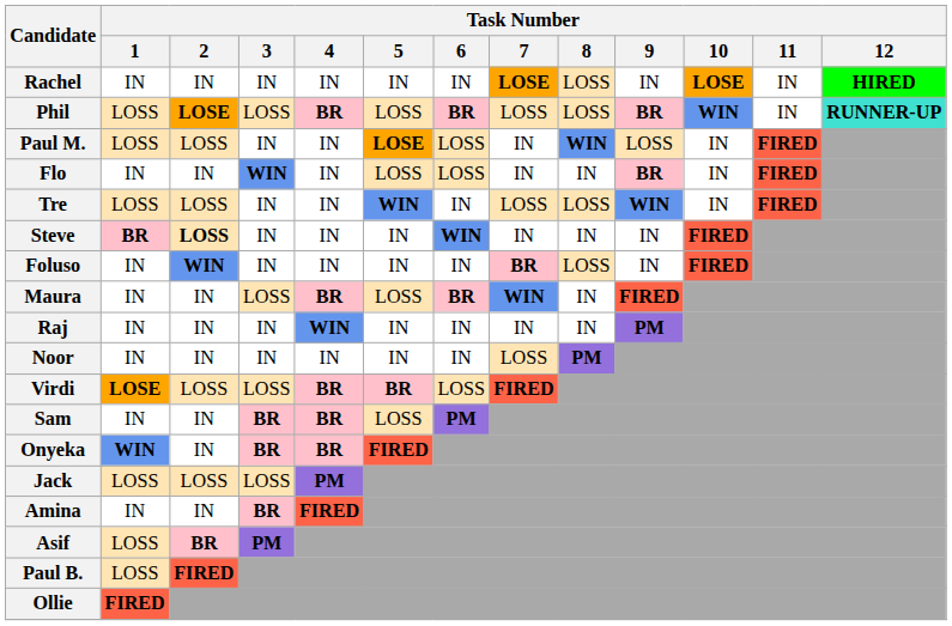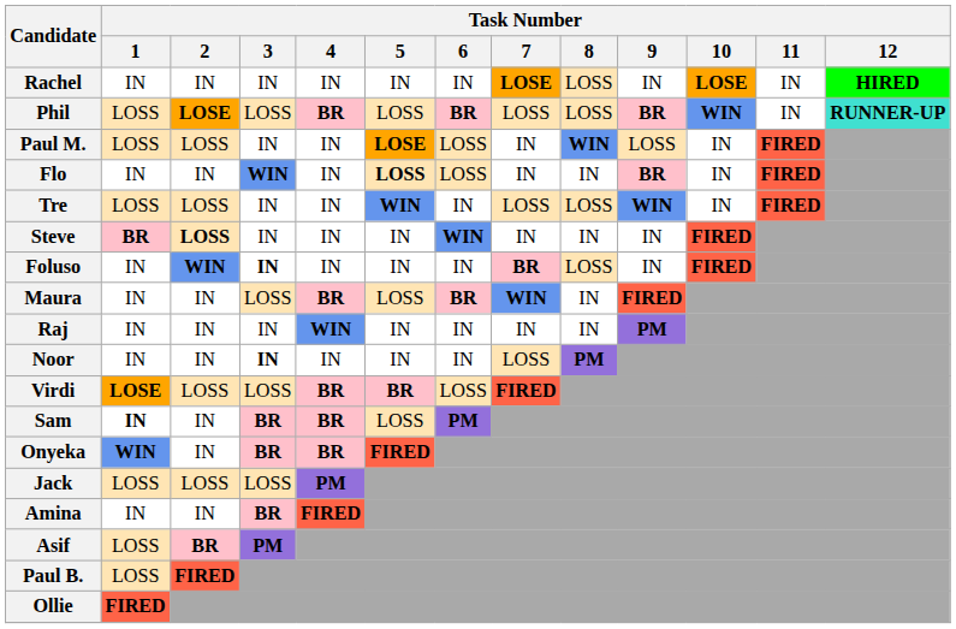 <table class="wikitable" style="text-align:center">
 <tr>
 <th rowspan="2">Candidate</th>
 <th colspan="13">Task Number</th>
 </tr>
 <tr>
 <th>1</th>
 <th>2</th>
 <th>3</th>
 <th>4</th>
 <th>5</th>
 <th>6</th>
 <th>7</th>
 <th>8</th>
 <th>9</th>
 <th>10</th>
 <th>11</th>
 <th>12</th>
 </tr>
 <tr>
 <th>Rachel</th>
 <td style="background:white;">IN</td>
 <td style="background:white;">IN</td>
 <td style="background:white;">IN</td>
 <td style="background:white;">IN</td>
 <td style="background:white;">IN</td>
 <td style="background:white;">IN</td>
 <td style="background:orange;"><strong>LOSE</strong></td>
 <td style="background:#FFE5B4;">LOSS</td>
 <td style="background:white;">IN</td>
 <td style="background:orange;"><strong>LOSE</strong></td>
 <td style="background:white;">IN</td>
 <td style="background:lime;"><strong>HIRED</strong></td>
 </tr>
 <tr>
 <th>Phil</th>
 <td style="background:#FFE5B4;">LOSS</td>
 <td style="background:orange;"><strong>LOSE</strong></td>
 <td style="background:#FFE5B4;">LOSS</td>
 <td style="background:pink;"><strong>BR</strong></td>
 <td style="background:#FFE5B4;">LOSS</td>
 <td style="background:pink;"><strong>BR</strong></td>
 <td style="background:#FFE5B4;">LOSS</td>
 <td style="background:#FFE5B4;">LOSS</td>
 <td style="background:pink;"><strong>BR</strong></td>
 <td style="background:cornflowerblue;"><strong>WIN</strong></td>
 <td style="background:white;">IN</td>
 <td style="background:turquoise;"><strong>RUNNER-UP</strong></td>
 </tr>
 <tr>
 <th>Paul M.</th>
 <td style="background:#FFE5B4;">LOSS</td>
 <td style="background:#FFE5B4;">LOSS</td>
 <td style="background:white;">IN</td>
 <td style="background:white;">IN</td>
 <td style="background:orange;"><strong>LOSE</strong></td>
 <td style="background:#FFE5B4;">LOSS</td>
 <td style="background:white;">IN</td>
 <td style="background:cornflowerblue;"><strong>WIN</strong></td>
 <td style="background:#FFE5B4;">LOSS</td>
 <td style="background:white;">IN</td>
 <td style="background:tomato;"><strong>FIRED</strong></td>
 <td colspan="1" style="background:darkgrey;"></td>
 </tr>
 <tr>
 <th>Flo</th>
 <td style="background:white;">IN</td>
 <td style="background:white;">IN</td>
 <td style="background:cornflowerblue;"><strong>WIN</strong></td>
 <td style="background:white;">IN</td>
-<td style="background:#FFE5B4;">LOSS</td>
+<td style="background:#FFE5B4;"><strong>LOSS</strong></td>
 <td style="background:#FFE5B4;">LOSS</td>
 <td style="background:white;">IN</td>
 <td style="background:white;">IN</td>
 <td style="background:pink;"><strong>BR</strong></td>
 <td style="background:white;">IN</td>
 <td style="background:tomato;"><strong>FIRED</strong></td>
 <td colspan="1" style="background:darkgrey;"></td>
 </tr>
 <tr>
 <th>Tre</th>
 <td style="background:#FFE5B4;">LOSS</td>
 <td style="background:#FFE5B4;">LOSS</td>
 <td style="background:white;">IN</td>
 <td style="background:white;">IN</td>
 <td style="background:cornflowerblue;"><strong>WIN</strong></td>
 <td style="background:white;">IN</td>
 <td style="background:#FFE5B4;">LOSS</td>
 <td style="background:#FFE5B4;">LOSS</td>
 <td style="background:cornflowerblue;"><strong>WIN</strong></td>
 <td style="background:white;">IN</td>
 <td style="background:tomato;"><strong>FIRED</strong></td>
 <td colspan="1" style="background:darkgrey;"></td>
 </tr>
 <tr>
 <th>Steve</th>
 <td style="background:pink;"><strong>BR</strong></td>
 <td style="background:#FFE5B4;"><strong>LOSS</strong></td>
 <td style="background:white;">IN</td>
 <td style="background:white;">IN</td>
 <td style="background:white;">IN</td>
 <td style="background:cornflowerblue;"><strong>WIN</strong></td>
 <td style="background:white;">IN</td>
 <td style="background:white;">IN</td>
 <td style="background:white;">IN</td>
 <td style="background:tomato;"><strong>FIRED</strong></td>
 <td colspan="2" style="background:darkgrey;"></td>
 </tr>
 <tr>
 <th>Foluso</th>
 <td style="background:white;">IN</td>
 <td style="background:cornflowerblue;"><strong>WIN</strong></td>
-<td style="background:white;">IN</td>
+<td style="background:white;"><strong>IN</strong></td>
 <td style="background:white;">IN</td>
 <td style="background:white;">IN</td>
 <td style="background:white;">IN</td>
 <td style="background:pink;"><strong>BR</strong></td>
 <td style="background:#FFE5B4;">LOSS</td>
 <td style="background:white;">IN</td>
 <td style="background:tomato;"><strong>FIRED</strong></td>
 <td colspan="2" style="background:darkgrey;"></td>
 </tr>
 <tr>
 <th>Maura</th>
 <td style="background:white;">IN</td>
 <td style="background:white;">IN</td>
 <td style="background:#FFE5B4;">LOSS</td>
 <td style="background:pink;"><strong>BR</strong></td>
 <td style="background:#FFE5B4;">LOSS</td>
 <td style="background:pink;"><strong>BR</strong></td>
 <td style="background:cornflowerblue;"><strong>WIN</strong></td>
 <td style="background:white;">IN</td>
 <td style="background:tomato;"><strong>FIRED</strong></td>
 <td colspan="3" style="background:darkgrey;"></td>
 </tr>
 <tr>
 <th>Raj</th>
 <td style="background:white;">IN</td>
 <td style="background:white;">IN</td>
 <td style="background:white;">IN</td>
 <td style="background:cornflowerblue;"><strong>WIN</strong></td>
 <td style="background:white;">IN</td>
 <td style="background:white;">IN</td>
 <td style="background:white;">IN</td>
 <td style="background:white;">IN</td>
 <td style="background:#9370DB;"><strong>PM</strong></td>
 <td colspan="3" style="background:darkgrey;"></td>
 </tr>
 <tr>
 <th>Noor</th>
 <td style="background:white;">IN</td>
 <td style="background:white;">IN</td>
-<td style="background:white;">IN</td>
+<td style="background:white;"><strong>IN</strong></td>
 <td style="background:white;">IN</td>
 <td style="background:white;">IN</td>
 <td style="background:white;">IN</td>
 <td style="background:#FFE5B4;">LOSS</td>
 <td style="background:#9370DB;"><strong>PM</strong></td>
 <td colspan="4" style="background:darkgrey;"></td>
 </tr>
 <tr>
 <th>Virdi</th>
 <td style="background:orange;"><strong>LOSE</strong></td>
 <td style="background:#FFE5B4;">LOSS</td>
 <td style="background:#FFE5B4;">LOSS</td>
 <td style="background:pink;"><strong>BR</strong></td>
 <td style="background:pink;"><strong>BR</strong></td>
 <td style="background:#FFE5B4;">LOSS</td>
 <td style="background:tomato;"><strong>FIRED</strong></td>
 <td colspan="5" style="background:darkgrey;"></td>
 </tr>
 <tr>
 <th>Sam</th>
-<td style="background:white;">IN</td>
+<td style="background:white;"><strong>IN</strong></td>
 <td style="background:white;">IN</td>
 <td style="background:pink;"><strong>BR</strong></td>
 <td style="background:pink;"><strong>BR</strong></td>
 <td style="background:#FFE5B4;">LOSS</td>
 <td style="background:#9370DB;"><strong>PM</strong></td>
 <td colspan="6" style="background:darkgrey;"></td>
 </tr>
 <tr>
 <th>Onyeka</th>
 <td style="background:cornflowerblue;"><strong>WIN</strong></td>
 <td style="background:white;">IN</td>
 <td style="background:pink;"><strong>BR</strong></td>
 <td style="background:pink;"><strong>BR</strong></td>
 <td style="background:tomato;"><strong>FIRED</strong></td>
 <td colspan="7" style="background:darkgrey;"></td>
 </tr>
 <tr>
 <th>Jack</th>
 <td style="background:#FFE5B4;">LOSS</td>
 <td style="background:#FFE5B4;">LOSS</td>
 <td style="background:#FFE5B4;">LOSS</td>
 <td style="background:#9370DB;"><strong>PM</strong></td>
 <td colspan="8" style="background:darkgrey;"></td>
 </tr>
 <tr>
 <th>Amina</th>
 <td style="background:white;">IN</td>
 <td style="background:white;">IN</td>
 <td style="background:pink;"><strong>BR</strong></td>
 <td style="background:tomato;"><strong>FIRED</strong></td>
 <td colspan="8" style="background:darkgrey;"></td>
 </tr>
 <tr>
 <th>Asif</th>
 <td style="background:#FFE5B4;">LOSS</td>
 <td style="background:pink;"><strong>BR</strong></td>
 <td style="background:#9370DB;"><strong>PM</strong></td>
 <td colspan="9" style="background:darkgrey;"></td>
 </tr>
 <tr>
 <th>Paul B.</th>
 <td style="background:#FFE5B4;">LOSS</td>
 <td style="background:tomato;"><strong>FIRED</strong></td>
 <td colspan="10" style="background:darkgrey;"></td>
 </tr>
 <tr>
 <th>Ollie</th>
 <td style="background:tomato;"><strong>FIRED</strong></td>
 <td colspan="11" style="background:darkgrey;"></td>
 </tr>
 <tr>
 </tr>
 </table>
